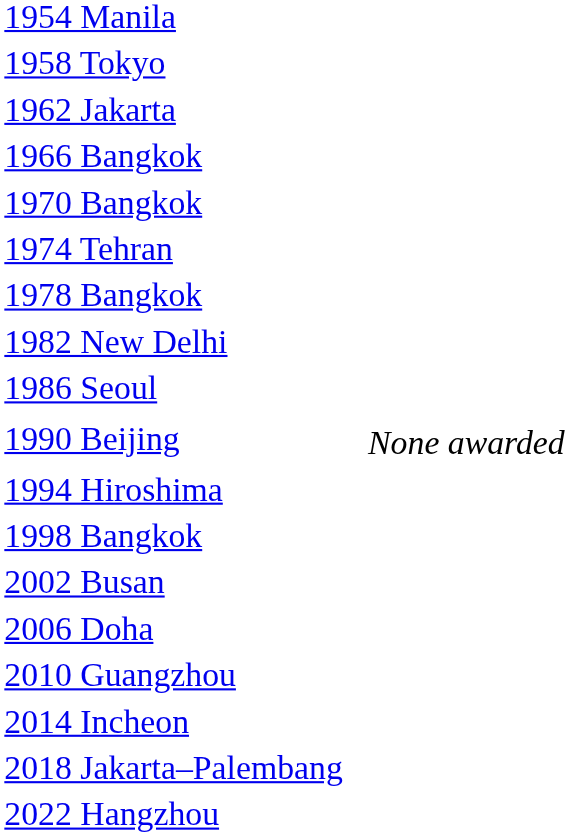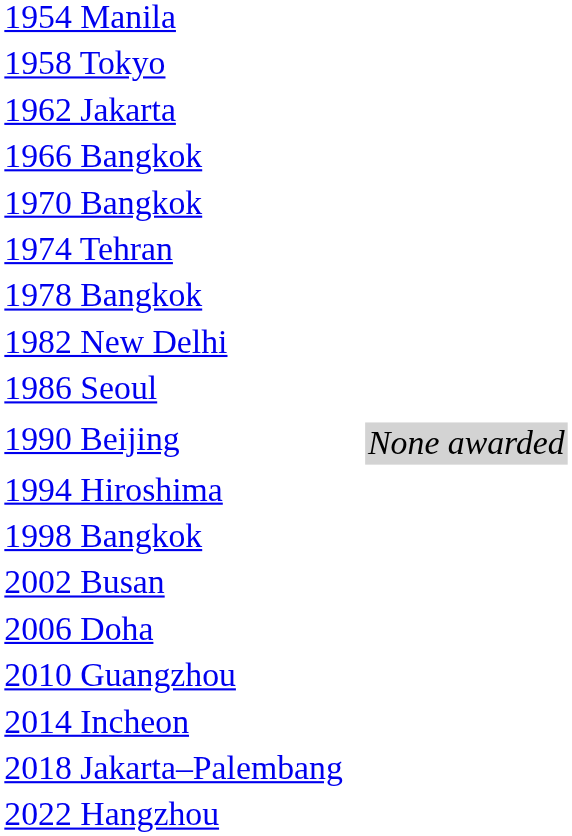 <table>
 <tr>
 <td><a href='#'>1954 Manila</a></td>
 <td></td>
 <td></td>
 <td></td>
 </tr>
 <tr>
 <td rowspan=2><a href='#'>1958 Tokyo</a></td>
 <td rowspan=2></td>
 <td rowspan=2></td>
 <td></td>
 </tr>
 <tr>
 <td></td>
 </tr>
 <tr>
 <td rowspan=2><a href='#'>1962 Jakarta</a></td>
 <td rowspan=2></td>
 <td rowspan=2></td>
 <td></td>
 </tr>
 <tr>
 <td></td>
 </tr>
 <tr>
 <td rowspan=2><a href='#'>1966 Bangkok</a></td>
 <td rowspan=2></td>
 <td rowspan=2></td>
 <td></td>
 </tr>
 <tr>
 <td></td>
 </tr>
 <tr>
 <td rowspan=2><a href='#'>1970 Bangkok</a></td>
 <td rowspan=2></td>
 <td rowspan=2></td>
 <td></td>
 </tr>
 <tr>
 <td></td>
 </tr>
 <tr>
 <td rowspan=2><a href='#'>1974 Tehran</a></td>
 <td rowspan=2></td>
 <td rowspan=2></td>
 <td></td>
 </tr>
 <tr>
 <td></td>
 </tr>
 <tr>
 <td rowspan=2><a href='#'>1978 Bangkok</a></td>
 <td rowspan=2></td>
 <td rowspan=2></td>
 <td></td>
 </tr>
 <tr>
 <td></td>
 </tr>
 <tr>
 <td rowspan=2><a href='#'>1982 New Delhi</a></td>
 <td rowspan=2></td>
 <td rowspan=2></td>
 <td></td>
 </tr>
 <tr>
 <td></td>
 </tr>
 <tr>
 <td rowspan=2><a href='#'>1986 Seoul</a></td>
 <td rowspan=2></td>
 <td rowspan=2></td>
 <td></td>
 </tr>
 <tr>
 <td></td>
 </tr>
 <tr>
 <td rowspan=2><a href='#'>1990 Beijing</a></td>
 <td rowspan=2></td>
 <td rowspan=2></td>
 <td></td>
 </tr>
 <tr>
-<td><em>None awarded</em></td>
+<td style="background: lightgrey;"><em>None awarded</em></td>
 </tr>
 <tr>
 <td rowspan=2><a href='#'>1994 Hiroshima</a></td>
 <td rowspan=2></td>
 <td rowspan=2></td>
 <td></td>
 </tr>
 <tr>
 <td></td>
 </tr>
 <tr>
 <td rowspan=2><a href='#'>1998 Bangkok</a></td>
 <td rowspan=2></td>
 <td rowspan=2></td>
 <td></td>
 </tr>
 <tr>
 <td></td>
 </tr>
 <tr>
 <td rowspan=2><a href='#'>2002 Busan</a></td>
 <td rowspan=2></td>
 <td rowspan=2></td>
 <td></td>
 </tr>
 <tr>
 <td></td>
 </tr>
 <tr>
 <td rowspan=2><a href='#'>2006 Doha</a></td>
 <td rowspan=2></td>
 <td rowspan=2></td>
 <td></td>
 </tr>
 <tr>
 <td></td>
 </tr>
 <tr>
 <td rowspan=2><a href='#'>2010 Guangzhou</a></td>
 <td rowspan=2></td>
 <td rowspan=2></td>
 <td></td>
 </tr>
 <tr>
 <td></td>
 </tr>
 <tr>
 <td rowspan=2><a href='#'>2014 Incheon</a></td>
 <td rowspan=2></td>
 <td rowspan=2></td>
 <td></td>
 </tr>
 <tr>
 <td></td>
 </tr>
 <tr>
 <td rowspan=2><a href='#'>2018 Jakarta–Palembang</a></td>
 <td rowspan=2></td>
 <td rowspan=2></td>
 <td></td>
 </tr>
 <tr>
 <td></td>
 </tr>
 <tr>
 <td rowspan=2><a href='#'>2022 Hangzhou</a></td>
 <td rowspan=2></td>
 <td rowspan=2></td>
 <td></td>
 </tr>
 <tr>
 <td></td>
 </tr>
 </table>
